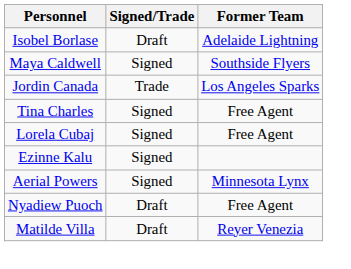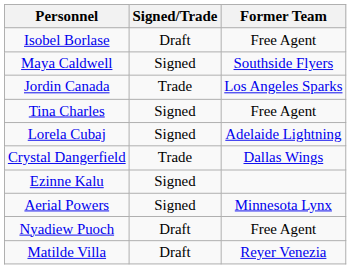 <table class="wikitable" style="text-align: center">
 <tr align="center" bgcolor="#dddddd">
 <th><strong>Personnel</strong></th>
 <th><strong>Signed/Trade</strong></th>
 <th><strong>Former Team</strong></th>
 </tr>
 <tr>
 <td><a href='#'>Isobel Borlase</a></td>
 <td>Draft</td>
-<td><a href='#'>Adelaide Lightning</a></td>
+<td>Free Agent</td>
 </tr>
 <tr>
 <td><a href='#'>Maya Caldwell</a></td>
 <td>Signed</td>
 <td><a href='#'>Southside Flyers</a></td>
 </tr>
 <tr>
 <td><a href='#'>Jordin Canada</a></td>
 <td>Trade</td>
 <td><a href='#'>Los Angeles Sparks</a></td>
 </tr>
 <tr>
 <td><a href='#'>Tina Charles</a></td>
 <td>Signed</td>
 <td>Free Agent</td>
 </tr>
 <tr>
 <td><a href='#'>Lorela Cubaj</a></td>
 <td>Signed</td>
-<td>Free Agent</td>
+<td><a href='#'>Adelaide Lightning</a></td>
+</tr>
+<tr>
+<td><a href='#'>Crystal Dangerfield</a></td>
+<td>Trade</td>
+<td><a href='#'>Dallas Wings</a></td>
 </tr>
 <tr>
 <td><a href='#'>Ezinne Kalu</a></td>
 <td>Signed</td>
 <td></td>
 </tr>
 <tr>
 <td><a href='#'>Aerial Powers</a></td>
 <td>Signed</td>
 <td><a href='#'>Minnesota Lynx</a></td>
 </tr>
 <tr>
 <td><a href='#'>Nyadiew Puoch</a></td>
 <td>Draft</td>
 <td>Free Agent</td>
 </tr>
 <tr>
 <td><a href='#'>Matilde Villa</a></td>
 <td>Draft</td>
 <td><a href='#'>Reyer Venezia</a></td>
 </tr>
 </table>
